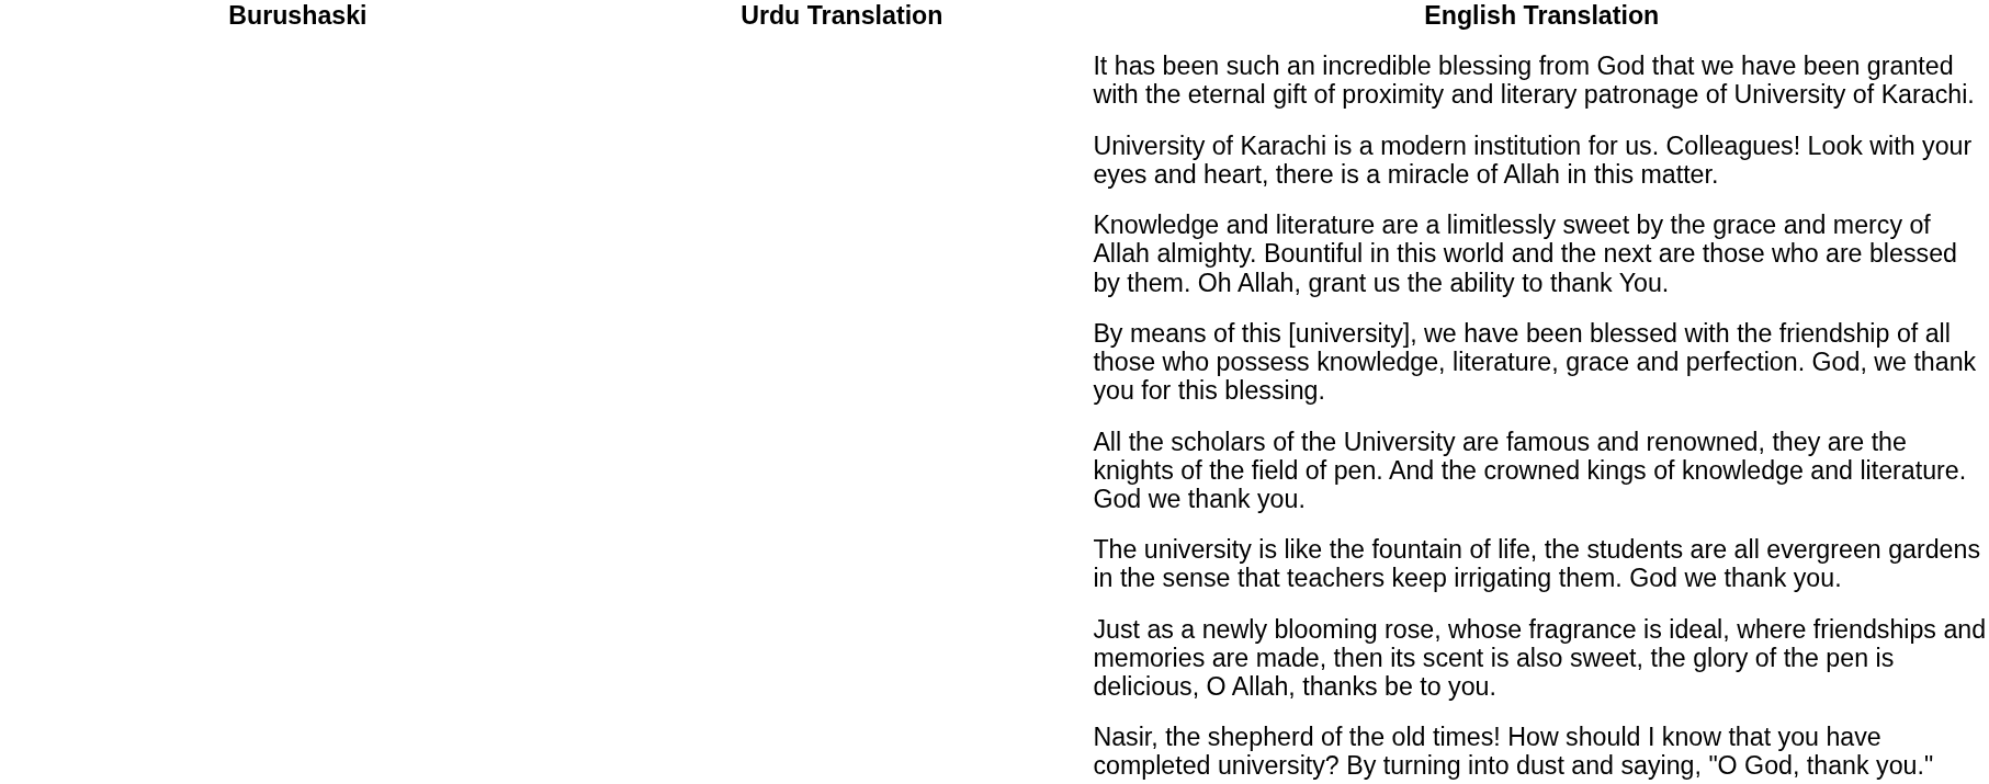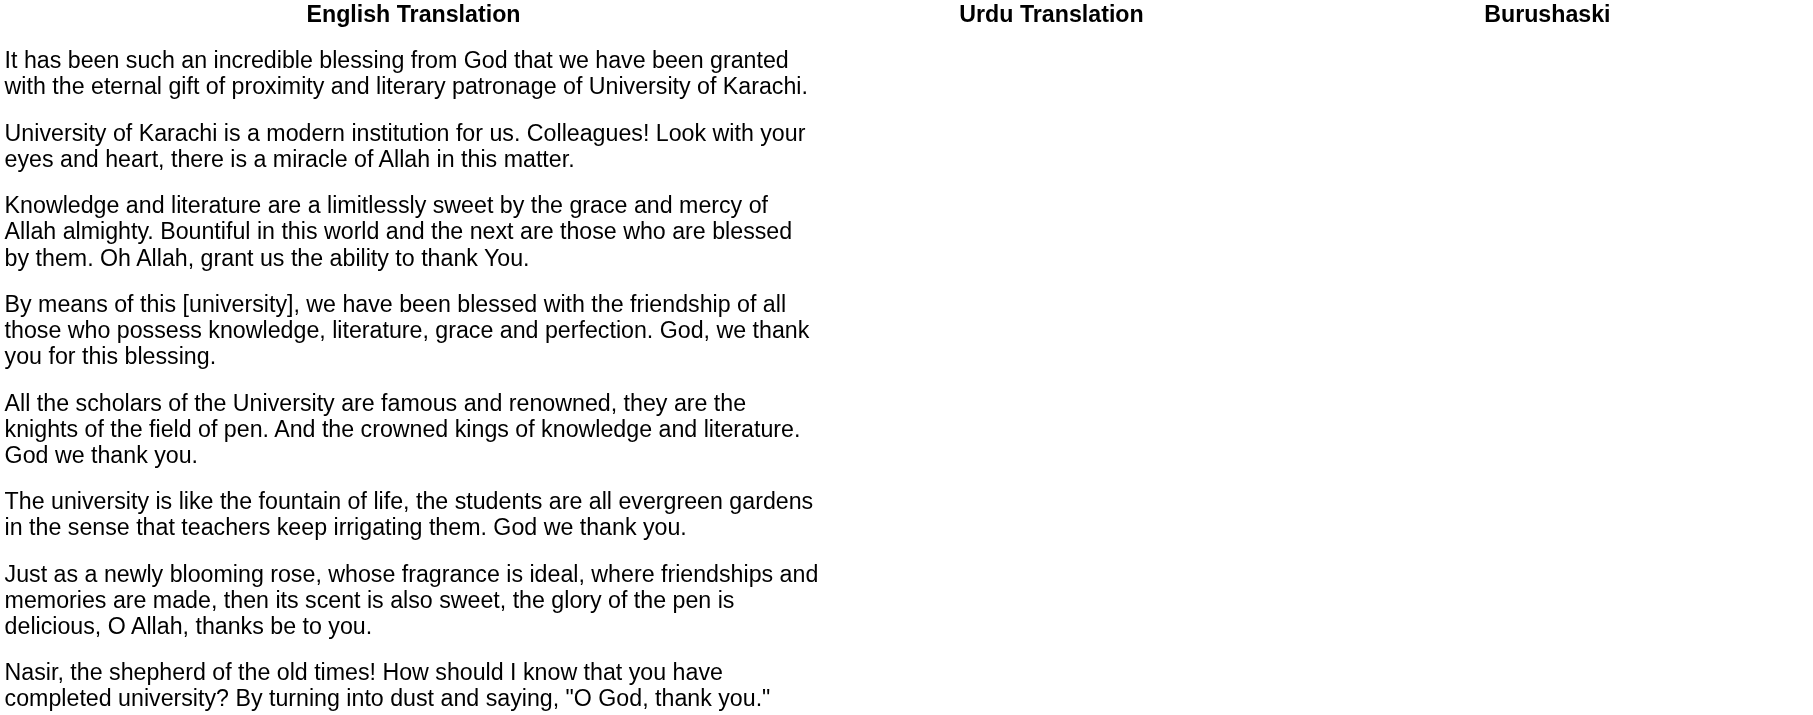 <table cellpadding="6">
 <tr>
+<th>English Translation</th>
+<th>Urdu Translation</th>
 <th>Burushaski</th>
-<th>Urdu Translation</th>
-<th>English Translation</th>
 </tr>
 <tr>
+<td>It has been such an incredible blessing from God that we have been granted with the eternal gift of proximity and literary patronage of University of Karachi.</td>
+<td style="width:18em; text-align:right"></td>
 <td style="width:23; text-align:right"><br></td>
-<td style="width:18em; text-align:right"></td>
-<td>It has been such an incredible blessing from God that we have been granted with the eternal gift of proximity and literary patronage of University of Karachi.</td>
 </tr>
 <tr>
+<td>University of Karachi is a modern institution for us. Colleagues! Look with your eyes and heart, there is a miracle of Allah in this matter.</td>
+<td style="width:18em; text-align:right"></td>
 <td style="width:23em; text-align:right"><br></td>
-<td style="width:18em; text-align:right"></td>
-<td>University of Karachi is a modern institution for us. Colleagues! Look with your eyes and heart, there is a miracle of Allah in this matter.</td>
 </tr>
 <tr>
+<td>Knowledge and literature are a limitlessly sweet by the grace and mercy of Allah almighty. Bountiful in this world and the next are those who are blessed by them. Oh Allah, grant us the ability to thank You.</td>
+<td style="width:18em; text-align:right"></td>
 <td style="width:23em; text-align:right"><br></td>
-<td style="width:18em; text-align:right"></td>
-<td>Knowledge and literature are a limitlessly sweet by the grace and mercy of Allah almighty. Bountiful in this world and the next are those who are blessed by them. Oh Allah, grant us the ability to thank You.</td>
 </tr>
 <tr>
+<td>By means of this [university], we have been blessed with the friendship of all those who possess knowledge, literature, grace and perfection. God, we thank you for this blessing.</td>
+<td style="width:18em; text-align:right"></td>
 <td style="width:23em; text-align:right"><br></td>
-<td style="width:18em; text-align:right"></td>
-<td>By means of this [university], we have been blessed with the friendship of all those who possess knowledge, literature, grace and perfection. God, we thank you for this blessing.</td>
 </tr>
 <tr>
+<td>All the scholars of the University are famous and renowned, they are the knights of the field of pen. And the crowned kings of knowledge and literature. God we thank you.</td>
+<td style="width:18em; text-align:right"></td>
 <td style="width:23em; text-align:right"><br></td>
-<td style="width:18em; text-align:right"></td>
-<td>All the scholars of the University are famous and renowned, they are the knights of the field of pen. And the crowned kings of knowledge and literature. God we thank you.</td>
 </tr>
 <tr>
+<td>The university is like the fountain of life, the students are all evergreen gardens in the sense that teachers keep irrigating them. God we thank you.</td>
+<td style="width:18em; text-align:right"></td>
 <td style="width:23em; text-align:right"><br></td>
-<td style="width:18em; text-align:right"></td>
-<td>The university is like the fountain of life, the students are all evergreen gardens in the sense that teachers keep irrigating them. God we thank you.</td>
 </tr>
 <tr>
+<td>Just as a newly blooming rose, whose fragrance is ideal, where friendships and memories are made, then its scent is also sweet, the glory of the pen is delicious, O Allah, thanks be to you.</td>
+<td style="width:18em; text-align:right"></td>
 <td style="width:23em; text-align:right"><br></td>
-<td style="width:18em; text-align:right"></td>
-<td>Just as a newly blooming rose, whose fragrance is ideal, where friendships and memories are made, then its scent is also sweet, the glory of the pen is delicious, O Allah, thanks be to you.</td>
 </tr>
 <tr>
+<td>Nasir, the shepherd of the old times! How should I know that you have completed university? By turning into dust and saying, "O God, thank you."</td>
+<td style="width:18em; text-align:right"></td>
 <td style="width:23em; text-align:right"><br></td>
-<td style="width:18em; text-align:right"></td>
-<td>Nasir, the shepherd of the old times! How should I know that you have completed university? By turning into dust and saying, "O God, thank you."</td>
 </tr>
 </table>
